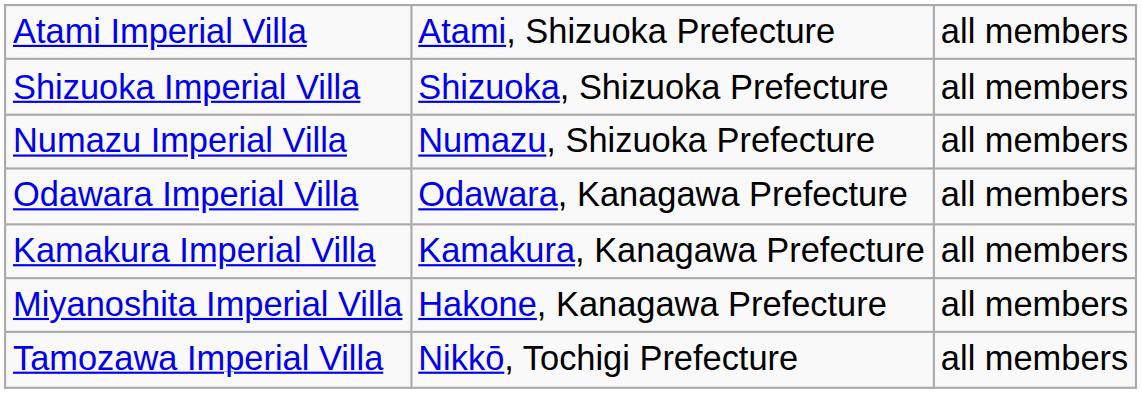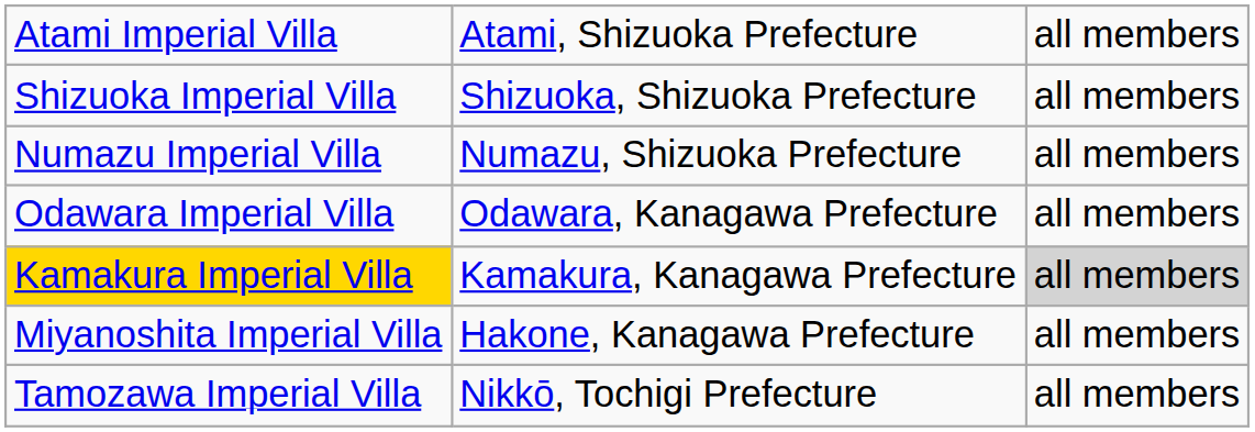 <table class="wikitable">
 <tr>
 <td><a href='#'>Atami Imperial Villa</a></td>
 <td><a href='#'>Atami</a>, Shizuoka Prefecture</td>
 <td>all members</td>
 </tr>
 <tr>
 <td><a href='#'>Shizuoka Imperial Villa</a></td>
 <td><a href='#'>Shizuoka</a>, Shizuoka Prefecture</td>
 <td>all members</td>
 </tr>
 <tr>
 <td><a href='#'>Numazu Imperial Villa</a></td>
 <td><a href='#'>Numazu</a>, Shizuoka Prefecture</td>
 <td>all members</td>
 </tr>
 <tr>
 <td><a href='#'>Odawara Imperial Villa</a></td>
 <td><a href='#'>Odawara</a>, Kanagawa Prefecture</td>
 <td>all members</td>
 </tr>
 <tr>
-<td><a href='#'>Kamakura Imperial Villa</a></td>
+<td style="background: gold;"><a href='#'>Kamakura Imperial Villa</a></td>
 <td><a href='#'>Kamakura</a>, Kanagawa Prefecture</td>
-<td>all members</td>
+<td style="background: lightgrey;">all members</td>
 </tr>
 <tr>
 <td><a href='#'>Miyanoshita Imperial Villa</a></td>
 <td><a href='#'>Hakone</a>, Kanagawa Prefecture</td>
 <td>all members</td>
 </tr>
 <tr>
 <td><a href='#'>Tamozawa Imperial Villa</a></td>
 <td><a href='#'>Nikkō</a>, Tochigi Prefecture</td>
 <td>all members</td>
 </tr>
 </table>
